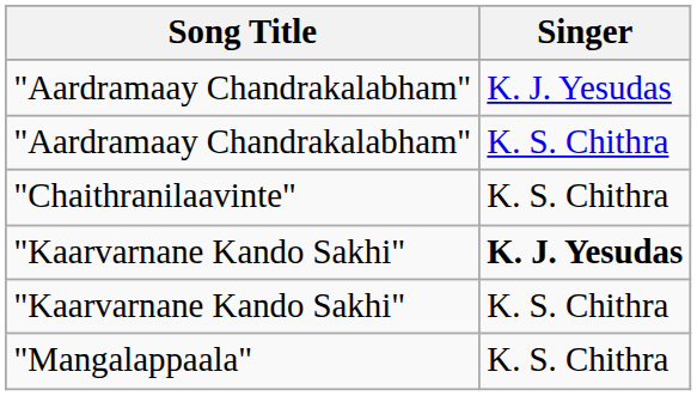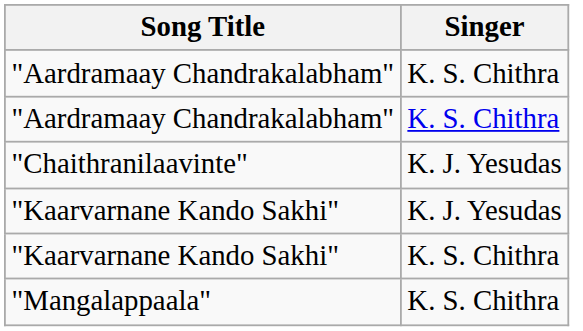 <table class="wikitable">
 <tr>
 <th>Song Title</th>
 <th>Singer</th>
 </tr>
 <tr>
 <td>"Aardramaay Chandrakalabham"</td>
-<td><a href='#'>K. J. Yesudas</a></td>
+<td>K. S. Chithra</td>
 </tr>
 <tr>
 <td>"Aardramaay Chandrakalabham"</td>
 <td><a href='#'>K. S. Chithra</a></td>
 </tr>
 <tr>
 <td>"Chaithranilaavinte"</td>
-<td>K. S. Chithra</td>
+<td>K. J. Yesudas</td>
 </tr>
 <tr>
 <td>"Kaarvarnane Kando Sakhi"</td>
-<td><strong>K. J. Yesudas</strong></td>
+<td>K. J. Yesudas</td>
 </tr>
 <tr>
 <td>"Kaarvarnane Kando Sakhi"</td>
 <td>K. S. Chithra</td>
 </tr>
 <tr>
 <td>"Mangalappaala"</td>
 <td>K. S. Chithra</td>
 </tr>
 </table>
